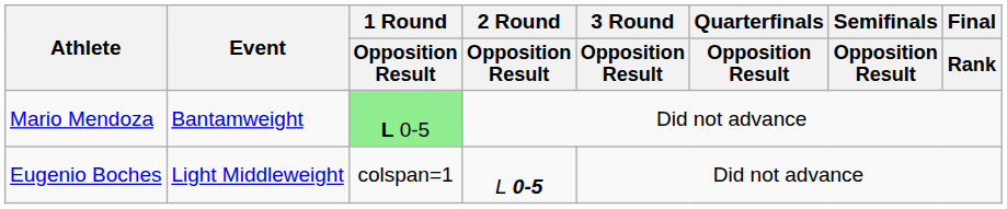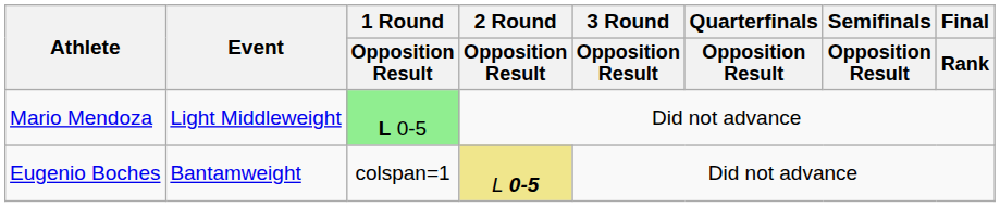 <table class="wikitable" style="font-size:90%">
 <tr>
 <th rowspan="2">Athlete</th>
 <th rowspan="2">Event</th>
 <th>1 Round</th>
 <th>2 Round</th>
 <th>3 Round</th>
 <th>Quarterfinals</th>
 <th>Semifinals</th>
 <th colspan=2>Final</th>
 </tr>
 <tr style="font-size:95%">
 <th>Opposition<br>Result</th>
 <th>Opposition<br>Result</th>
 <th>Opposition<br>Result</th>
 <th>Opposition<br>Result</th>
 <th>Opposition<br>Result</th>
 <th colspan=2>Rank</th>
 </tr>
 <tr align=center>
 <td align=left><a href='#'>Mario Mendoza</a></td>
-<td align=left><a href='#'>Bantamweight</a></td>
+<td align=left><a href='#'>Light Middleweight</a></td>
 <td style="background: lightgreen;"><br><strong>L</strong> 0-5</td>
 <td colspan=6>Did not advance</td>
 </tr>
 <tr align=center>
 <td align=left><a href='#'>Eugenio Boches</a></td>
-<td align=left><a href='#'>Light Middleweight</a></td>
+<td align=left><a href='#'>Bantamweight</a></td>
 <td>colspan=1 </td>
-<td><br><em>L<strong> 0-5</td>
+<td style="background: khaki;"><br><em>L<strong> 0-5</td>
 <td colspan=5>Did not advance</td>
 </tr>
 </table>
